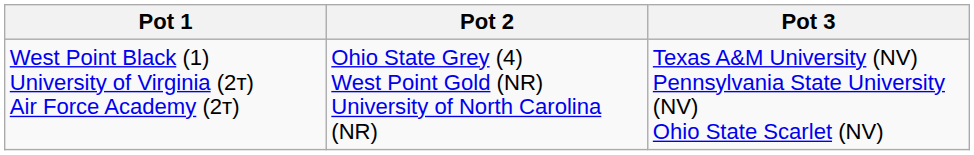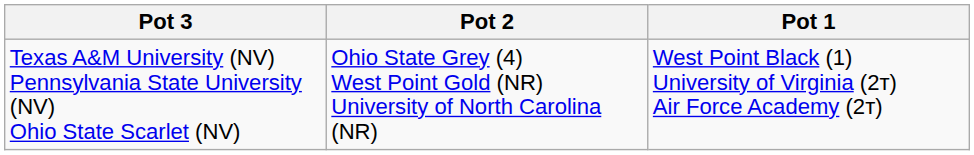 <table class="wikitable" style="width:700px">
 <tr>
+<th width=33%>Pot 3</th>
+<th width=33%>Pot 2</th>
 <th width=33%>Pot 1</th>
-<th width=33%>Pot 2</th>
-<th width=33%>Pot 3</th>
 </tr>
 <tr>
+<td valign="top"><a href='#'>Texas A&M University</a> (NV)<br><a href='#'>Pennsylvania State University</a> (NV)<br><a href='#'>Ohio State Scarlet</a> (NV)</td>
+<td valign="top"><a href='#'>Ohio State Grey</a> (4)<br><a href='#'>West Point Gold</a> (NR)<br><a href='#'>University of North Carolina</a> (NR)</td>
 <td valign="top"><a href='#'>West Point Black</a> (1)<br><a href='#'>University of Virginia</a> (2т)<br><a href='#'>Air Force Academy</a> (2т)</td>
-<td valign="top"><a href='#'>Ohio State Grey</a> (4)<br><a href='#'>West Point Gold</a> (NR)<br><a href='#'>University of North Carolina</a> (NR)</td>
-<td valign="top"><a href='#'>Texas A&M University</a> (NV)<br><a href='#'>Pennsylvania State University</a> (NV)<br><a href='#'>Ohio State Scarlet</a> (NV)</td>
 </tr>
 </table>
